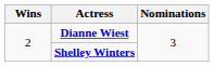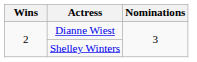 <table class="wikitable" style="text-align: center;">
 <tr>
 <th scope="col" width="55">Wins</th>
 <th scope="col" align="center">Actress</th>
 <th scope="col" width="55">Nominations</th>
 </tr>
 <tr>
 <td rowspan=2 style="text-align:center">2</td>
-<td><strong><a href='#'>Dianne Wiest</a></strong></td>
+<td><a href='#'>Dianne Wiest</a></td>
 <td rowspan=2 style="text-align:center">3</td>
 </tr>
 <tr>
-<td><strong><a href='#'>Shelley Winters</a></strong></td>
+<td><a href='#'>Shelley Winters</a></td>
 </tr>
 </table>
